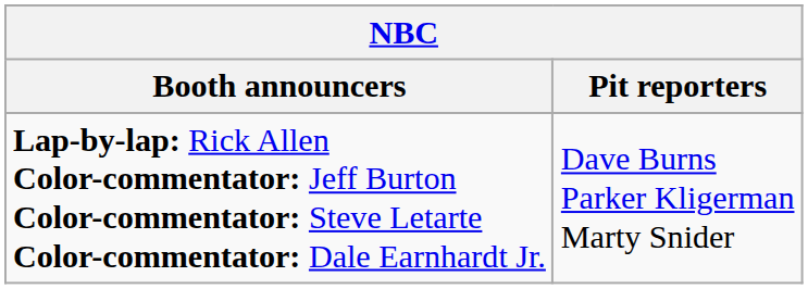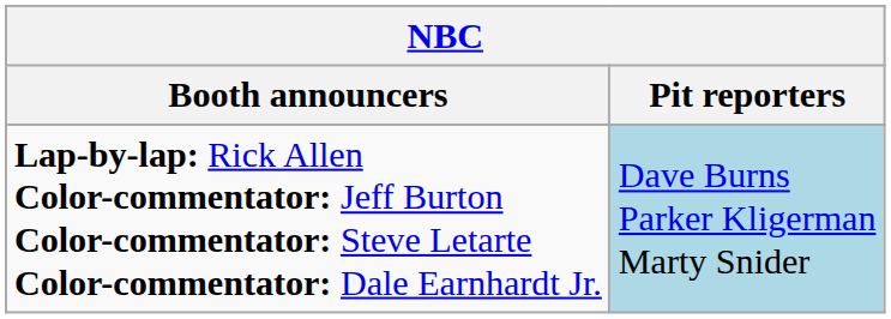 <table class="wikitable" style="font-size: 95%">
 <tr>
 <th colspan="3"><a href='#'>NBC</a></th>
 </tr>
 <tr>
 <th>Booth announcers</th>
 <th>Pit reporters</th>
 </tr>
 <tr>
 <td><strong>Lap-by-lap:</strong> <a href='#'>Rick Allen</a><br><strong>Color-commentator:</strong> <a href='#'>Jeff Burton</a><br><strong>Color-commentator:</strong> <a href='#'>Steve Letarte</a><br><strong>Color-commentator:</strong> <a href='#'>Dale Earnhardt Jr.</a></td>
-<td><a href='#'>Dave Burns</a><br><a href='#'>Parker Kligerman</a><br>Marty Snider</td>
+<td style="background: lightblue;"><a href='#'>Dave Burns</a><br><a href='#'>Parker Kligerman</a><br>Marty Snider</td>
 </tr>
 </table>
